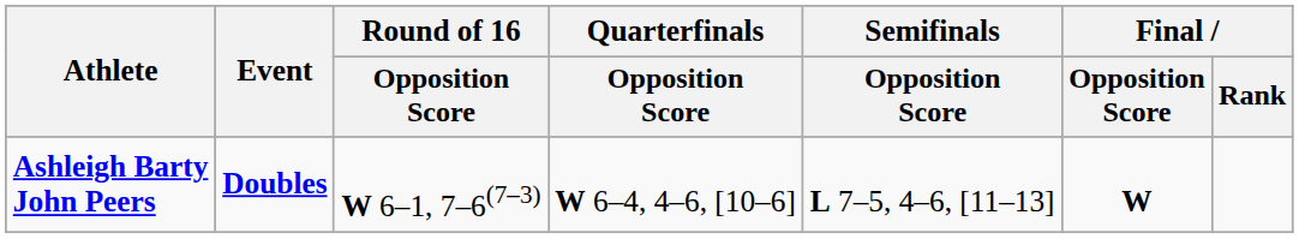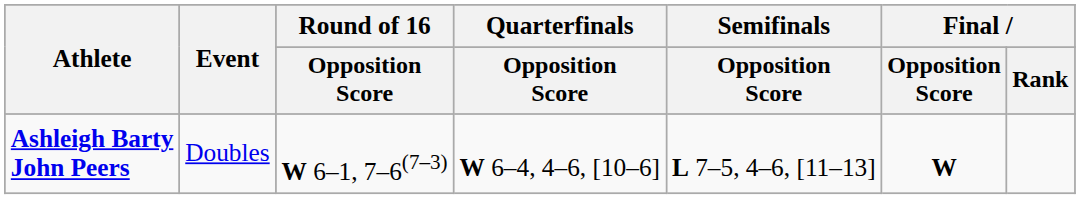 <table class=wikitable style=font-size:90%>
 <tr>
 <th rowspan=2>Athlete</th>
 <th rowspan=2>Event</th>
 <th>Round of 16</th>
 <th>Quarterfinals</th>
 <th>Semifinals</th>
 <th colspan=2>Final / </th>
 </tr>
 <tr style=font-size:95%>
 <th>Opposition<br>Score</th>
 <th>Opposition<br>Score</th>
 <th>Opposition<br>Score</th>
 <th>Opposition<br>Score</th>
 <th>Rank</th>
 </tr>
 <tr align=center>
 <td align=left><strong><a href='#'>Ashleigh Barty</a><br><a href='#'>John Peers</a></strong></td>
-<td align=left><strong><a href='#'>Doubles</a></strong></td>
+<td align=left><a href='#'>Doubles</a></td>
 <td><br><strong>W</strong> 6–1, 7–6<sup>(7–3)</sup></td>
 <td><br><strong>W</strong> 6–4, 4–6, [10–6]</td>
 <td><br><strong>L</strong> 7–5, 4–6, [11–13]</td>
 <td><br><strong>W</strong> </td>
 <td></td>
 </tr>
 </table>
